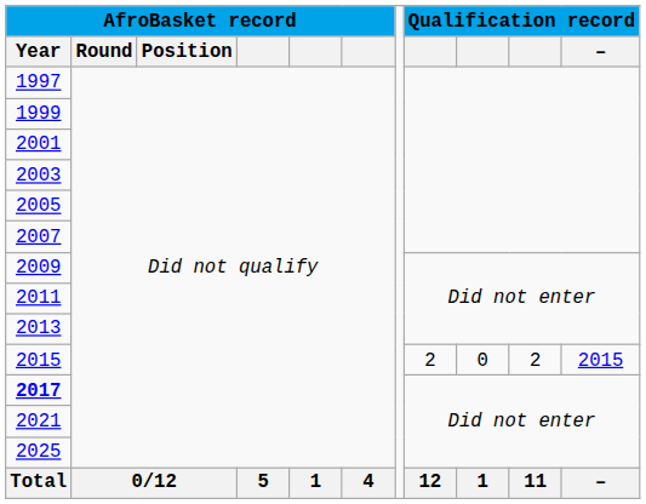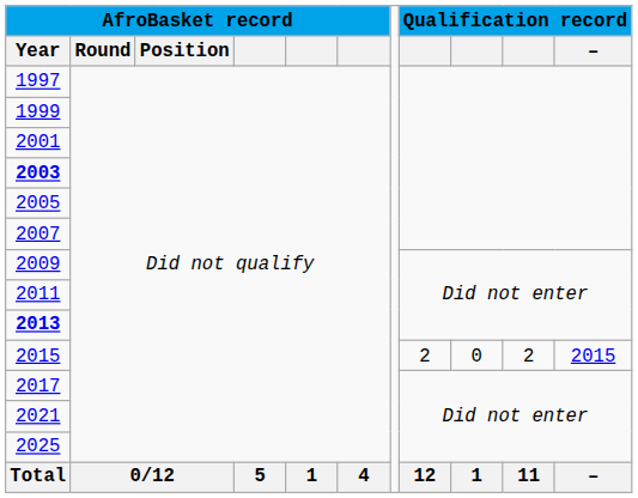 <table class="wikitable" style="text-align:center;">
 <tr>
 <th colspan="6" style="background:#00a2e8; color:black;">AfroBasket record</th>
 <td rowspan="16"></td>
 <th colspan="4" style="background:#00a2e8; color:black;">Qualification record</th>
 </tr>
 <tr>
 <th>Year</th>
 <th>Round</th>
 <th>Position</th>
 <th width="30"></th>
 <th width="30"></th>
 <th width="30"></th>
 <th width="30"></th>
 <th width="30"></th>
 <th width="30"></th>
 <th>–</th>
 </tr>
 <tr>
 <td> <a href='#'>1997</a></td>
 <td colspan="5" rowspan="13"><em>Did not qualify</em></td>
 </tr>
 <tr>
 <td> <a href='#'>1999</a></td>
 </tr>
 <tr>
 <td> <a href='#'>2001</a></td>
 </tr>
 <tr>
-<td> <a href='#'>2003</a></td>
+<td><strong> <a href='#'>2003</a></strong></td>
 </tr>
 <tr>
 <td> <a href='#'>2005</a></td>
 </tr>
 <tr>
 <td> <a href='#'>2007</a></td>
 </tr>
 <tr>
 <td> <a href='#'>2009</a></td>
 <td colspan="4" rowspan="3"><em>Did not enter</em></td>
 </tr>
 <tr>
 <td> <a href='#'>2011</a></td>
 </tr>
 <tr>
-<td> <a href='#'>2013</a></td>
+<td><strong> <a href='#'>2013</a></strong></td>
 </tr>
 <tr>
 <td> <a href='#'>2015</a></td>
 <td>2</td>
 <td>0</td>
 <td>2</td>
 <td><a href='#'>2015</a></td>
 </tr>
 <tr>
-<td><strong>  <a href='#'>2017</a></strong></td>
+<td>  <a href='#'>2017</a></td>
 <td colspan="4" rowspan="3"><em>Did not enter</em></td>
 </tr>
 <tr>
 <td> <a href='#'>2021</a></td>
 </tr>
 <tr>
 <td> <a href='#'>2025</a></td>
 </tr>
 <tr>
 <th>Total</th>
 <th colspan="2">0/12</th>
 <th>5</th>
 <th>1</th>
 <th>4</th>
 <th>12</th>
 <th>1</th>
 <th>11</th>
 <th>–</th>
 </tr>
 </table>
